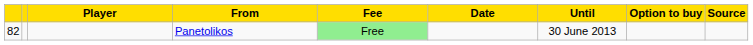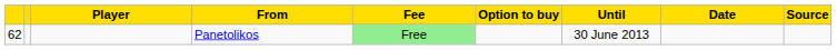 <table class="wikitable sortable">
 <tr>
 <th style="background:#FFDE00"></th>
 <th style="background:#FFDE00"></th>
 <th width=200 style="background:#FFDE00">Player</th>
 <th width=200 style="background:#FFDE00">From</th>
 <th width=150 style="background:#FFDE00">Fee</th>
+<th style="background:#FFDE00">Option to buy</th>
+<th width=120 style="background:#FFDE00">Until</th>
 <th width=150 style="background:#FFDE00">Date</th>
-<th width=120 style="background:#FFDE00">Until</th>
-<th style="background:#FFDE00">Option to buy</th>
 <th style="background:#FFDE00">Source</th>
 </tr>
 <tr>
-<td align=center>82</td>
+<td align=center>62</td>
 <td align=center></td>
 <td></td>
 <td> <a href='#'>Panetolikos</a></td>
 <td align=center style="background: lightgreen;">Free</td>
 <td align=center></td>
 <td align=center>30 June 2013</td>
 <td align=center></td>
 <td align=center></td>
 </tr>
 </table>
